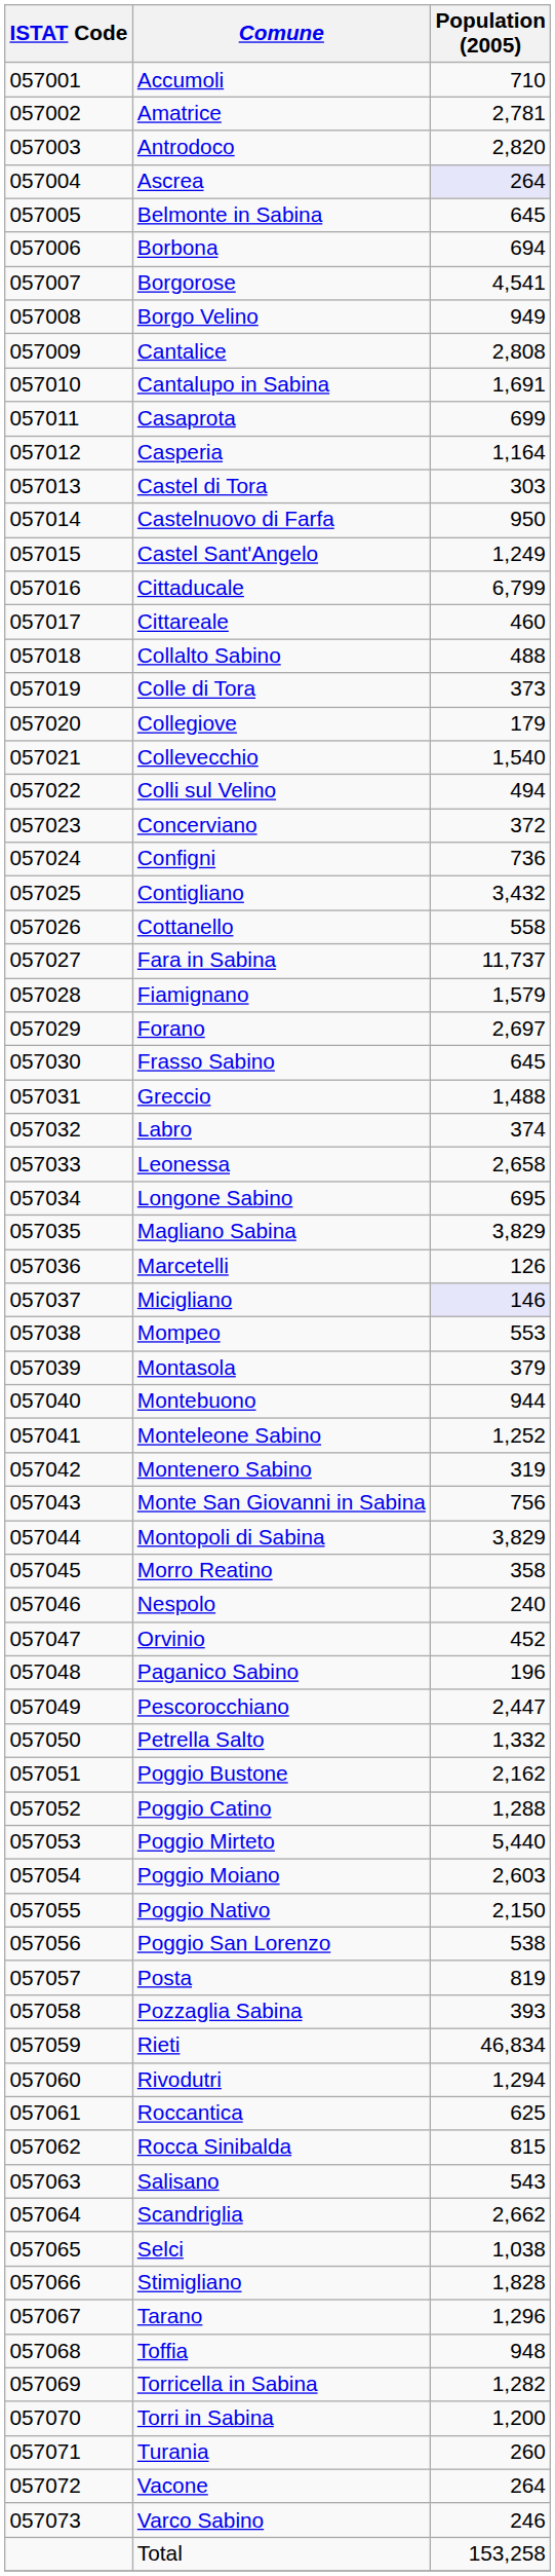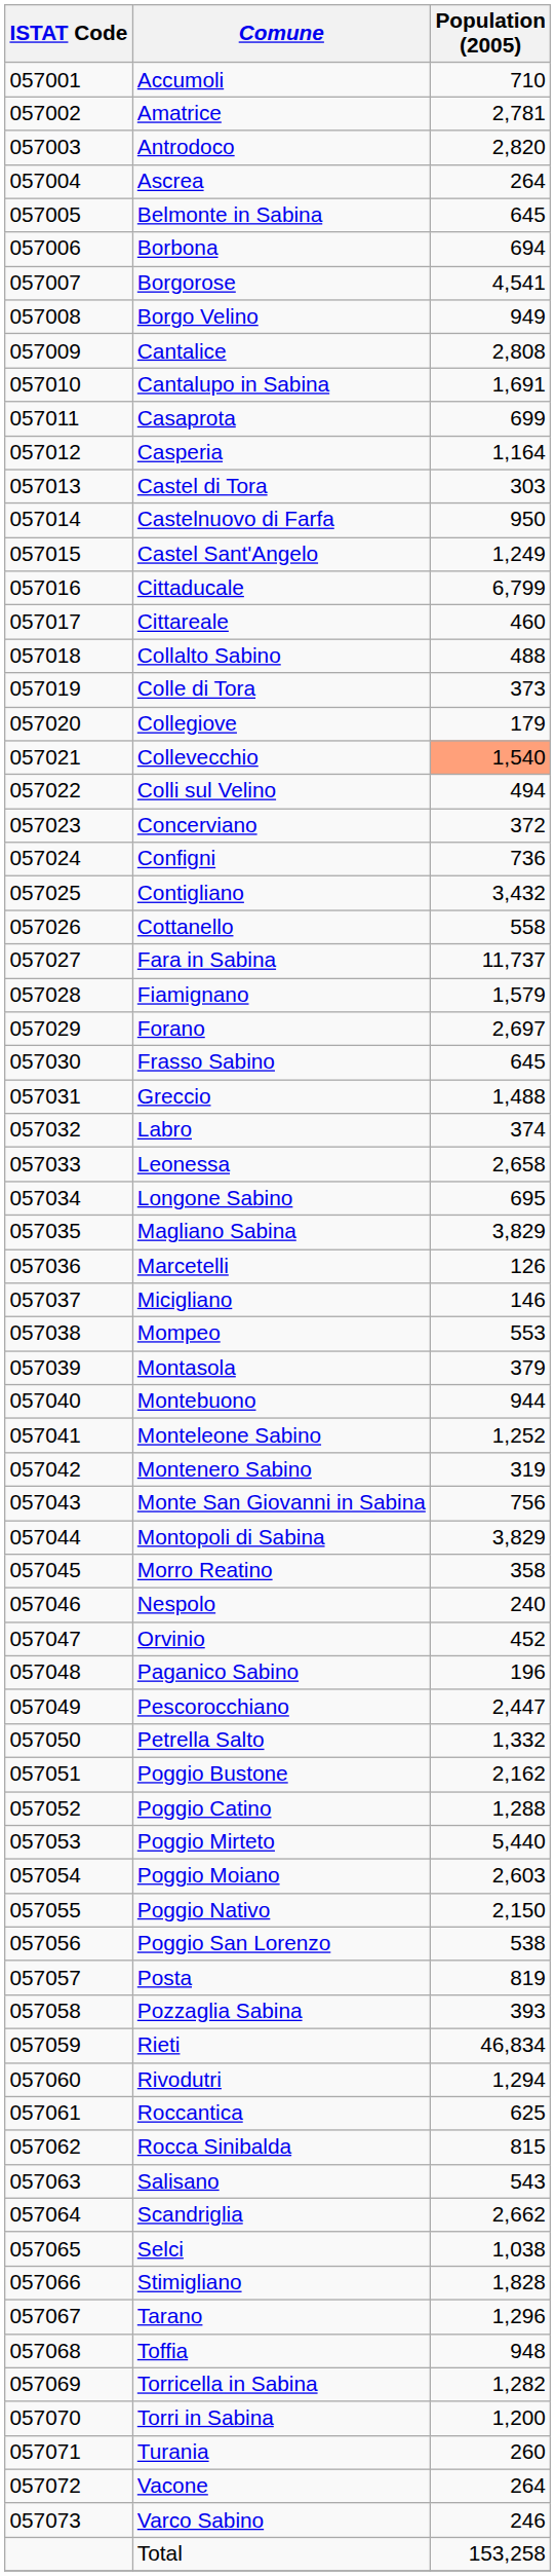 <table class="wikitable sortable">
 <tr>
 <th><a href='#'>ISTAT</a> Code</th>
 <th><em><a href='#'>Comune</a></em></th>
 <th>Population <br>(2005)</th>
 </tr>
 <tr>
 <td>057001</td>
 <td><a href='#'>Accumoli</a></td>
 <td align="right">710</td>
 </tr>
 <tr>
 <td>057002</td>
 <td><a href='#'>Amatrice</a></td>
 <td align="right">2,781</td>
 </tr>
 <tr>
 <td>057003</td>
 <td><a href='#'>Antrodoco</a></td>
 <td align="right">2,820</td>
 </tr>
 <tr>
 <td>057004</td>
 <td><a href='#'>Ascrea</a></td>
-<td align="right" style="background: lavender;">264</td>
+<td align="right">264</td>
 </tr>
 <tr>
 <td>057005</td>
 <td><a href='#'>Belmonte in Sabina</a></td>
 <td align="right">645</td>
 </tr>
 <tr>
 <td>057006</td>
 <td><a href='#'>Borbona</a></td>
 <td align="right">694</td>
 </tr>
 <tr>
 <td>057007</td>
 <td><a href='#'>Borgorose</a></td>
 <td align="right">4,541</td>
 </tr>
 <tr>
 <td>057008</td>
 <td><a href='#'>Borgo Velino</a></td>
 <td align="right">949</td>
 </tr>
 <tr>
 <td>057009</td>
 <td><a href='#'>Cantalice</a></td>
 <td align="right">2,808</td>
 </tr>
 <tr>
 <td>057010</td>
 <td><a href='#'>Cantalupo in Sabina</a></td>
 <td align="right">1,691</td>
 </tr>
 <tr>
 <td>057011</td>
 <td><a href='#'>Casaprota</a></td>
 <td align="right">699</td>
 </tr>
 <tr>
 <td>057012</td>
 <td><a href='#'>Casperia</a></td>
 <td align="right">1,164</td>
 </tr>
 <tr>
 <td>057013</td>
 <td><a href='#'>Castel di Tora</a></td>
 <td align="right">303</td>
 </tr>
 <tr>
 <td>057014</td>
 <td><a href='#'>Castelnuovo di Farfa</a></td>
 <td align="right">950</td>
 </tr>
 <tr>
 <td>057015</td>
 <td><a href='#'>Castel Sant'Angelo</a></td>
 <td align="right">1,249</td>
 </tr>
 <tr>
 <td>057016</td>
 <td><a href='#'>Cittaducale</a></td>
 <td align="right">6,799</td>
 </tr>
 <tr>
 <td>057017</td>
 <td><a href='#'>Cittareale</a></td>
 <td align="right">460</td>
 </tr>
 <tr>
 <td>057018</td>
 <td><a href='#'>Collalto Sabino</a></td>
 <td align="right">488</td>
 </tr>
 <tr>
 <td>057019</td>
 <td><a href='#'>Colle di Tora</a></td>
 <td align="right">373</td>
 </tr>
 <tr>
 <td>057020</td>
 <td><a href='#'>Collegiove</a></td>
 <td align="right">179</td>
 </tr>
 <tr>
 <td>057021</td>
 <td><a href='#'>Collevecchio</a></td>
-<td align="right">1,540</td>
+<td align="right" style="background: lightsalmon;">1,540</td>
 </tr>
 <tr>
 <td>057022</td>
 <td><a href='#'>Colli sul Velino</a></td>
 <td align="right">494</td>
 </tr>
 <tr>
 <td>057023</td>
 <td><a href='#'>Concerviano</a></td>
 <td align="right">372</td>
 </tr>
 <tr>
 <td>057024</td>
 <td><a href='#'>Configni</a></td>
 <td align="right">736</td>
 </tr>
 <tr>
 <td>057025</td>
 <td><a href='#'>Contigliano</a></td>
 <td align="right">3,432</td>
 </tr>
 <tr>
 <td>057026</td>
 <td><a href='#'>Cottanello</a></td>
 <td align="right">558</td>
 </tr>
 <tr>
 <td>057027</td>
 <td><a href='#'>Fara in Sabina</a></td>
 <td align="right">11,737</td>
 </tr>
 <tr>
 <td>057028</td>
 <td><a href='#'>Fiamignano</a></td>
 <td align="right">1,579</td>
 </tr>
 <tr>
 <td>057029</td>
 <td><a href='#'>Forano</a></td>
 <td align="right">2,697</td>
 </tr>
 <tr>
 <td>057030</td>
 <td><a href='#'>Frasso Sabino</a></td>
 <td align="right">645</td>
 </tr>
 <tr>
 <td>057031</td>
 <td><a href='#'>Greccio</a></td>
 <td align="right">1,488</td>
 </tr>
 <tr>
 <td>057032</td>
 <td><a href='#'>Labro</a></td>
 <td align="right">374</td>
 </tr>
 <tr>
 <td>057033</td>
 <td><a href='#'>Leonessa</a></td>
 <td align="right">2,658</td>
 </tr>
 <tr>
 <td>057034</td>
 <td><a href='#'>Longone Sabino</a></td>
 <td align="right">695</td>
 </tr>
 <tr>
 <td>057035</td>
 <td><a href='#'>Magliano Sabina</a></td>
 <td align="right">3,829</td>
 </tr>
 <tr>
 <td>057036</td>
 <td><a href='#'>Marcetelli</a></td>
 <td align="right">126</td>
 </tr>
 <tr>
 <td>057037</td>
 <td><a href='#'>Micigliano</a></td>
-<td align="right" style="background: lavender;">146</td>
+<td align="right">146</td>
 </tr>
 <tr>
 <td>057038</td>
 <td><a href='#'>Mompeo</a></td>
 <td align="right">553</td>
 </tr>
 <tr>
 <td>057039</td>
 <td><a href='#'>Montasola</a></td>
 <td align="right">379</td>
 </tr>
 <tr>
 <td>057040</td>
 <td><a href='#'>Montebuono</a></td>
 <td align="right">944</td>
 </tr>
 <tr>
 <td>057041</td>
 <td><a href='#'>Monteleone Sabino</a></td>
 <td align="right">1,252</td>
 </tr>
 <tr>
 <td>057042</td>
 <td><a href='#'>Montenero Sabino</a></td>
 <td align="right">319</td>
 </tr>
 <tr>
 <td>057043</td>
 <td><a href='#'>Monte San Giovanni in Sabina</a></td>
 <td align="right">756</td>
 </tr>
 <tr>
 <td>057044</td>
 <td><a href='#'>Montopoli di Sabina</a></td>
 <td align="right">3,829</td>
 </tr>
 <tr>
 <td>057045</td>
 <td><a href='#'>Morro Reatino</a></td>
 <td align="right">358</td>
 </tr>
 <tr>
 <td>057046</td>
 <td><a href='#'>Nespolo</a></td>
 <td align="right">240</td>
 </tr>
 <tr>
 <td>057047</td>
 <td><a href='#'>Orvinio</a></td>
 <td align="right">452</td>
 </tr>
 <tr>
 <td>057048</td>
 <td><a href='#'>Paganico Sabino</a></td>
 <td align="right">196</td>
 </tr>
 <tr>
 <td>057049</td>
 <td><a href='#'>Pescorocchiano</a></td>
 <td align="right">2,447</td>
 </tr>
 <tr>
 <td>057050</td>
 <td><a href='#'>Petrella Salto</a></td>
 <td align="right">1,332</td>
 </tr>
 <tr>
 <td>057051</td>
 <td><a href='#'>Poggio Bustone</a></td>
 <td align="right">2,162</td>
 </tr>
 <tr>
 <td>057052</td>
 <td><a href='#'>Poggio Catino</a></td>
 <td align="right">1,288</td>
 </tr>
 <tr>
 <td>057053</td>
 <td><a href='#'>Poggio Mirteto</a></td>
 <td align="right">5,440</td>
 </tr>
 <tr>
 <td>057054</td>
 <td><a href='#'>Poggio Moiano</a></td>
 <td align="right">2,603</td>
 </tr>
 <tr>
 <td>057055</td>
 <td><a href='#'>Poggio Nativo</a></td>
 <td align="right">2,150</td>
 </tr>
 <tr>
 <td>057056</td>
 <td><a href='#'>Poggio San Lorenzo</a></td>
 <td align="right">538</td>
 </tr>
 <tr>
 <td>057057</td>
 <td><a href='#'>Posta</a></td>
 <td align="right">819</td>
 </tr>
 <tr>
 <td>057058</td>
 <td><a href='#'>Pozzaglia Sabina</a></td>
 <td align="right">393</td>
 </tr>
 <tr>
 <td>057059</td>
 <td><a href='#'>Rieti</a></td>
 <td align="right">46,834</td>
 </tr>
 <tr>
 <td>057060</td>
 <td><a href='#'>Rivodutri</a></td>
 <td align="right">1,294</td>
 </tr>
 <tr>
 <td>057061</td>
 <td><a href='#'>Roccantica</a></td>
 <td align="right">625</td>
 </tr>
 <tr>
 <td>057062</td>
 <td><a href='#'>Rocca Sinibalda</a></td>
 <td align="right">815</td>
 </tr>
 <tr>
 <td>057063</td>
 <td><a href='#'>Salisano</a></td>
 <td align="right">543</td>
 </tr>
 <tr>
 <td>057064</td>
 <td><a href='#'>Scandriglia</a></td>
 <td align="right">2,662</td>
 </tr>
 <tr>
 <td>057065</td>
 <td><a href='#'>Selci</a></td>
 <td align="right">1,038</td>
 </tr>
 <tr>
 <td>057066</td>
 <td><a href='#'>Stimigliano</a></td>
 <td align="right">1,828</td>
 </tr>
 <tr>
 <td>057067</td>
 <td><a href='#'>Tarano</a></td>
 <td align="right">1,296</td>
 </tr>
 <tr>
 <td>057068</td>
 <td><a href='#'>Toffia</a></td>
 <td align="right">948</td>
 </tr>
 <tr>
 <td>057069</td>
 <td><a href='#'>Torricella in Sabina</a></td>
 <td align="right">1,282</td>
 </tr>
 <tr>
 <td>057070</td>
 <td><a href='#'>Torri in Sabina</a></td>
 <td align="right">1,200</td>
 </tr>
 <tr>
 <td>057071</td>
 <td><a href='#'>Turania</a></td>
 <td align="right">260</td>
 </tr>
 <tr>
 <td>057072</td>
 <td><a href='#'>Vacone</a></td>
 <td align="right">264</td>
 </tr>
 <tr>
 <td>057073</td>
 <td><a href='#'>Varco Sabino</a></td>
 <td align="right">246</td>
 </tr>
 <tr>
 <td></td>
 <td>Total</td>
 <td align="right">153,258</td>
 </tr>
 <tr>
 </tr>
 </table>
